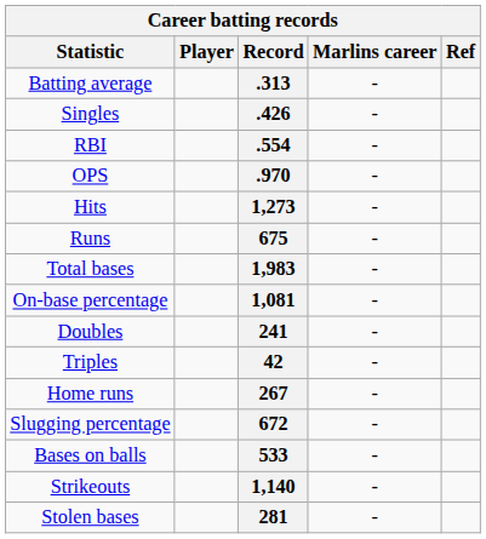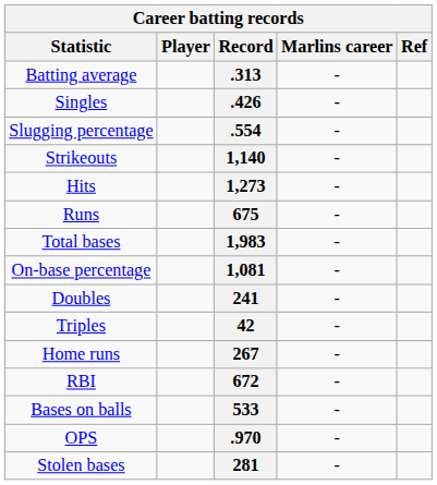 <table class="sortable wikitable" style="text-align:center">
 <tr>
 <th colspan=5>Career batting records</th>
 </tr>
 <tr>
 <th scope="col">Statistic</th>
 <th scope="col">Player</th>
 <th scope="col" class="unsortable">Record</th>
 <th scope="col">Marlins career</th>
 <th scope="col" class="unsortable">Ref</th>
 </tr>
 <tr>
 <td><a href='#'>Batting average</a></td>
 <td></td>
 <th scope="row">.313</th>
 <td>-</td>
 <td></td>
 </tr>
 <tr>
 <td><a href='#'>Singles</a></td>
 <td></td>
 <th scope="row">.426</th>
 <td>-</td>
 <td></td>
 </tr>
 <tr>
-<td><a href='#'>RBI</a></td>
+<td><a href='#'>Slugging percentage</a></td>
 <td></td>
 <th scope="row">.554</th>
 <td>-</td>
 <td></td>
 </tr>
 <tr>
-<td><a href='#'>OPS</a></td>
+<td><a href='#'>Strikeouts</a></td>
 <td></td>
-<th scope="row">.970</th>
+<th scope="row">1,140</th>
 <td>-</td>
 <td></td>
 </tr>
 <tr>
 <td><a href='#'>Hits</a></td>
 <td></td>
 <th scope="row">1,273</th>
 <td>-</td>
 <td></td>
 </tr>
 <tr>
 <td><a href='#'>Runs</a></td>
 <td></td>
 <th scope="row">675</th>
 <td>-</td>
 <td></td>
 </tr>
 <tr>
 <td><a href='#'>Total bases</a></td>
 <td></td>
 <th scope="row">1,983</th>
 <td>-</td>
 <td></td>
 </tr>
 <tr>
 <td><a href='#'>On-base percentage</a></td>
 <td></td>
 <th scope="row">1,081</th>
 <td>-</td>
 <td></td>
 </tr>
 <tr>
 <td><a href='#'>Doubles</a></td>
 <td></td>
 <th scope="row">241</th>
 <td>-</td>
 <td></td>
 </tr>
 <tr>
 <td><a href='#'>Triples</a></td>
 <td></td>
 <th scope="row">42</th>
 <td>-</td>
 <td></td>
 </tr>
 <tr>
 <td><a href='#'>Home runs</a></td>
 <td></td>
 <th scope="row">267</th>
 <td>-</td>
 <td></td>
 </tr>
 <tr>
-<td><a href='#'>Slugging percentage</a></td>
+<td><a href='#'>RBI</a></td>
 <td></td>
 <th scope="row">672</th>
 <td>-</td>
 <td></td>
 </tr>
 <tr>
 <td><a href='#'>Bases on balls</a></td>
 <td></td>
 <th scope="row">533</th>
 <td>-</td>
 <td></td>
 </tr>
 <tr>
-<td><a href='#'>Strikeouts</a></td>
+<td><a href='#'>OPS</a></td>
 <td></td>
-<th scope="row">1,140</th>
+<th scope="row">.970</th>
 <td>-</td>
 <td></td>
 </tr>
 <tr>
 <td><a href='#'>Stolen bases</a></td>
 <td></td>
 <th scope="row">281</th>
 <td>-</td>
 <td></td>
 </tr>
 </table>
